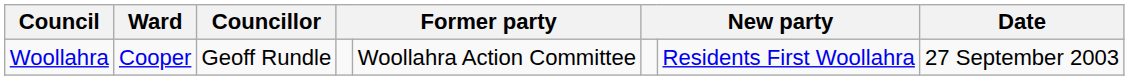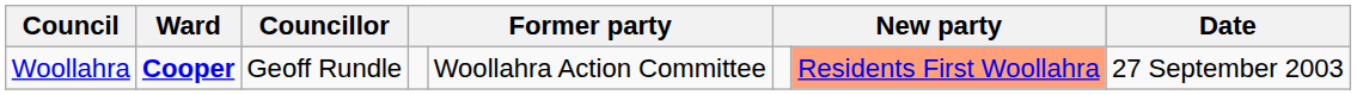 <table class="wikitable sortable">
 <tr>
 <th>Council</th>
 <th>Ward</th>
 <th>Councillor</th>
 <th colspan="2">Former party</th>
 <th colspan="2">New party</th>
 <th>Date</th>
 </tr>
 <tr>
 <td><a href='#'>Woollahra</a></td>
-<td><a href='#'>Cooper</a></td>
+<td><strong><a href='#'>Cooper</a></strong></td>
 <td>Geoff Rundle</td>
 <td> </td>
 <td>Woollahra Action Committee</td>
 <td> </td>
-<td><a href='#'>Residents First Woollahra</a></td>
+<td style="background: lightsalmon;"><a href='#'>Residents First Woollahra</a></td>
 <td>27 September 2003</td>
 </tr>
 </table>
